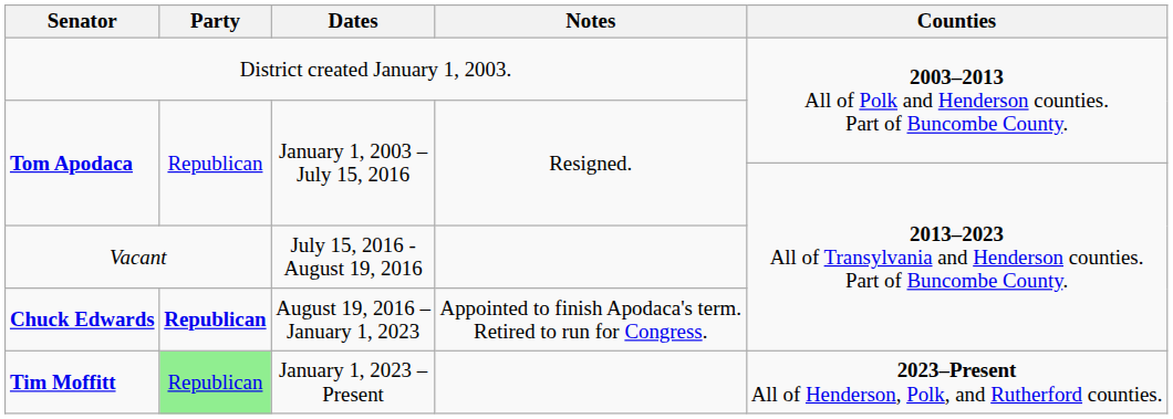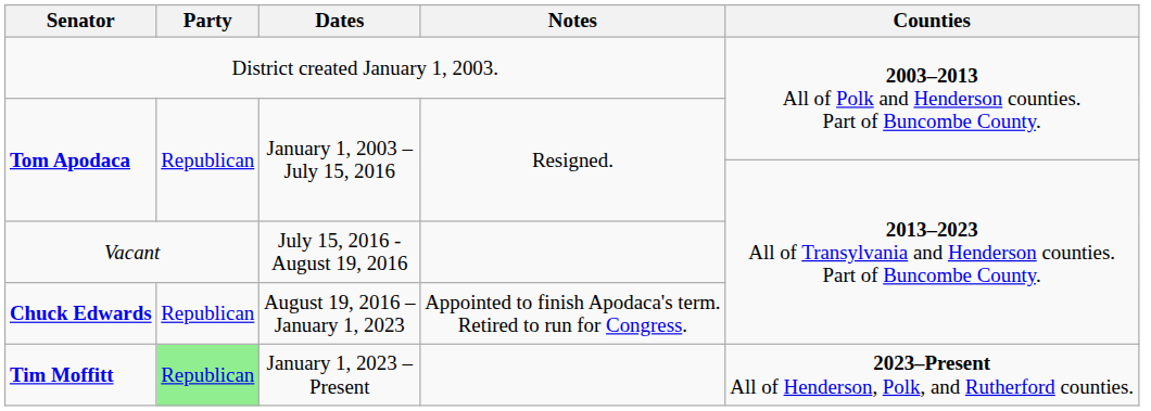 <table class=wikitable style="text-align:center">
 <tr>
 <th>Senator</th>
 <th>Party</th>
 <th>Dates</th>
 <th>Notes</th>
 <th>Counties</th>
 </tr>
 <tr style="height:3em">
 <td colspan=4>District created January 1, 2003.</td>
 <td rowspan=2><strong>2003–2013</strong><br> All of <a href='#'>Polk</a> and <a href='#'>Henderson</a> counties. <br> Part of <a href='#'>Buncombe County</a>.</td>
 </tr>
 <tr style="height:3em">
 <td rowspan=2 align=left><strong><a href='#'>Tom Apodaca</a></strong></td>
 <td rowspan=2 ><a href='#'>Republican</a></td>
 <td rowspan=2 nowrap>January 1, 2003 – <br> July 15, 2016</td>
 <td rowspan=2>Resigned.</td>
 </tr>
 <tr style="height:3em">
 <td rowspan=3><strong>2013–2023</strong><br> All of <a href='#'>Transylvania</a> and <a href='#'>Henderson</a> counties. <br> Part of <a href='#'>Buncombe County</a>.</td>
 </tr>
 <tr style="height:3em">
 <td colspan=2><em>Vacant</em></td>
 <td nowrap>July 15, 2016 - <br> August 19, 2016</td>
 <td></td>
 </tr>
 <tr style="height:3em">
 <td align=left><strong><a href='#'>Chuck Edwards</a></strong></td>
-<td><strong><a href='#'>Republican</a></strong></td>
+<td><a href='#'>Republican</a></td>
 <td nowrap>August 19, 2016 – <br> January 1, 2023</td>
 <td>Appointed to finish Apodaca's term. <br> Retired to run for <a href='#'>Congress</a>.</td>
 </tr>
 <tr style="height:3em">
 <td align=left><strong><a href='#'>Tim Moffitt</a></strong></td>
 <td style="background: lightgreen;"><a href='#'>Republican</a></td>
 <td nowrap>January 1, 2023 – <br> Present</td>
 <td></td>
 <td><strong>2023–Present</strong><br> All of <a href='#'>Henderson</a>, <a href='#'>Polk</a>, and <a href='#'>Rutherford</a> counties.</td>
 </tr>
 </table>
